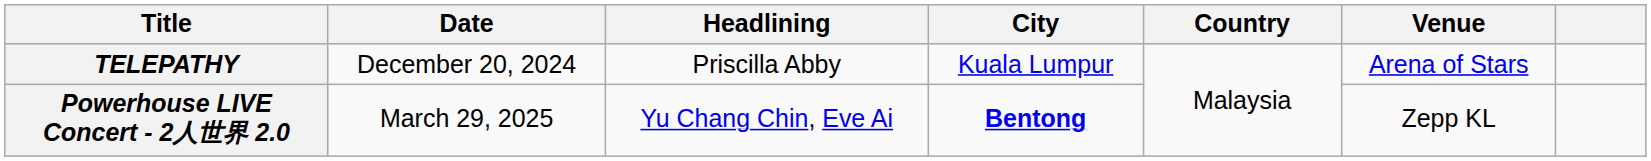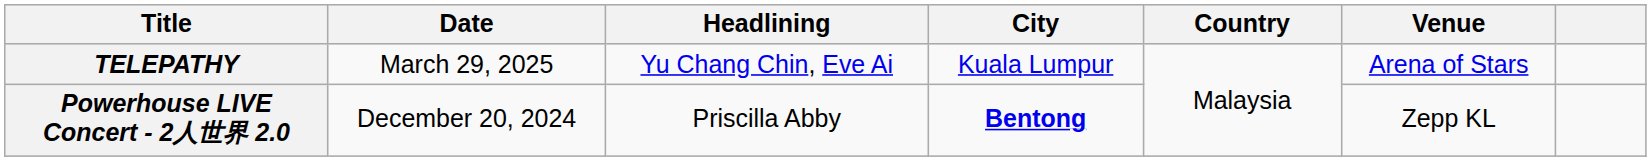 <table class="wikitable plainrowheaders" style="text-align:center;">
 <tr>
 <th scope="col" width="200">Title</th>
 <th scope="col" width="170">Date</th>
 <th scope="col" width="200">Headlining</th>
 <th scope="col" width="130">City</th>
 <th scope="col" width="120">Country</th>
 <th scope="col" width="130">Venue</th>
 <th scope="col" width="50"></th>
 </tr>
 <tr>
 <th scope="row"><em>TELEPATHY</em></th>
-<td>December 20, 2024</td>
-<td>Priscilla Abby</td>
+<td>March 29, 2025</td>
+<td><a href='#'>Yu Chang Chin</a>, <a href='#'>Eve Ai</a></td>
 <td><a href='#'>Kuala Lumpur</a></td>
 <td rowspan="2">Malaysia</td>
 <td><a href='#'>Arena of Stars</a></td>
 <td></td>
 </tr>
 <tr>
 <th scope="row"><em>Powerhouse LIVE Concert - 2人世界 2.0</em></th>
-<td>March 29, 2025</td>
-<td><a href='#'>Yu Chang Chin</a>, <a href='#'>Eve Ai</a></td>
+<td>December 20, 2024</td>
+<td>Priscilla Abby</td>
 <td><strong><a href='#'>Bentong</a></strong></td>
 <td>Zepp KL</td>
 <td></td>
 </tr>
 </table>
